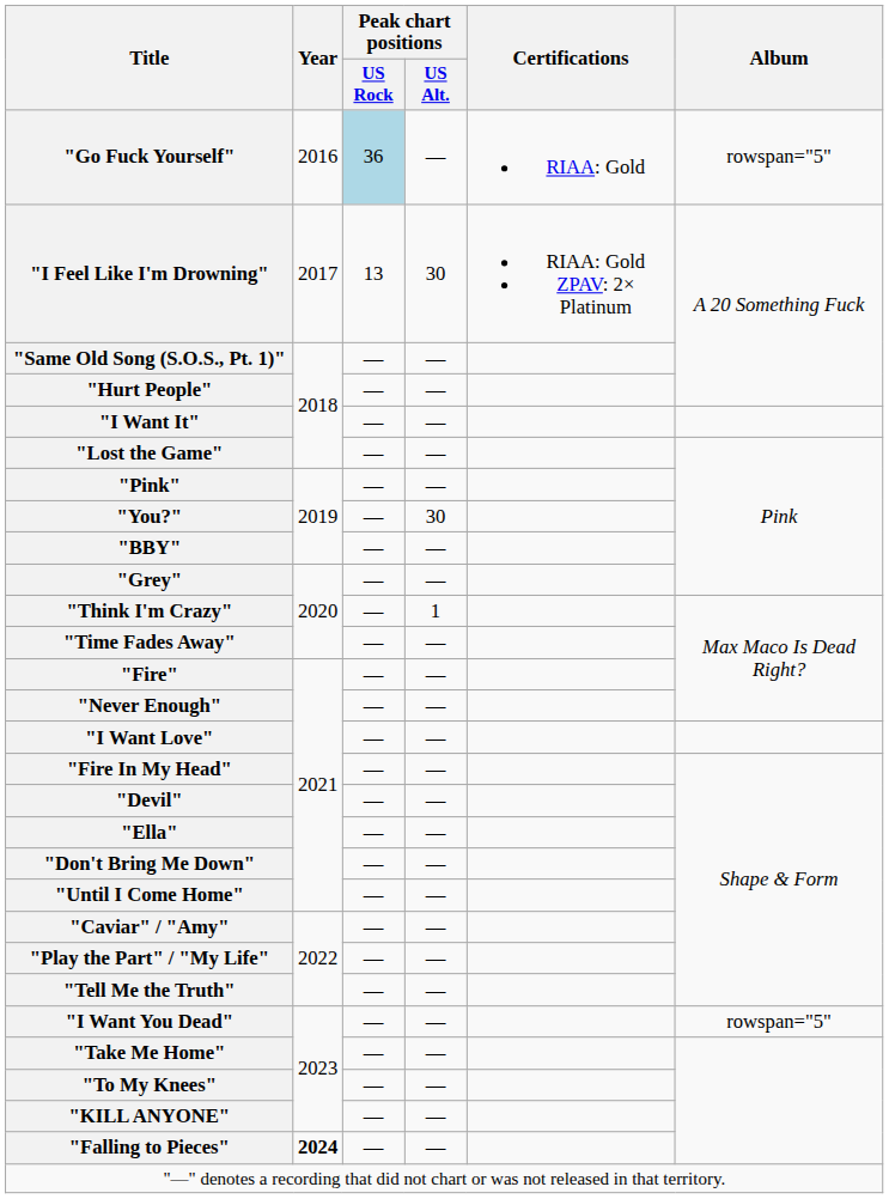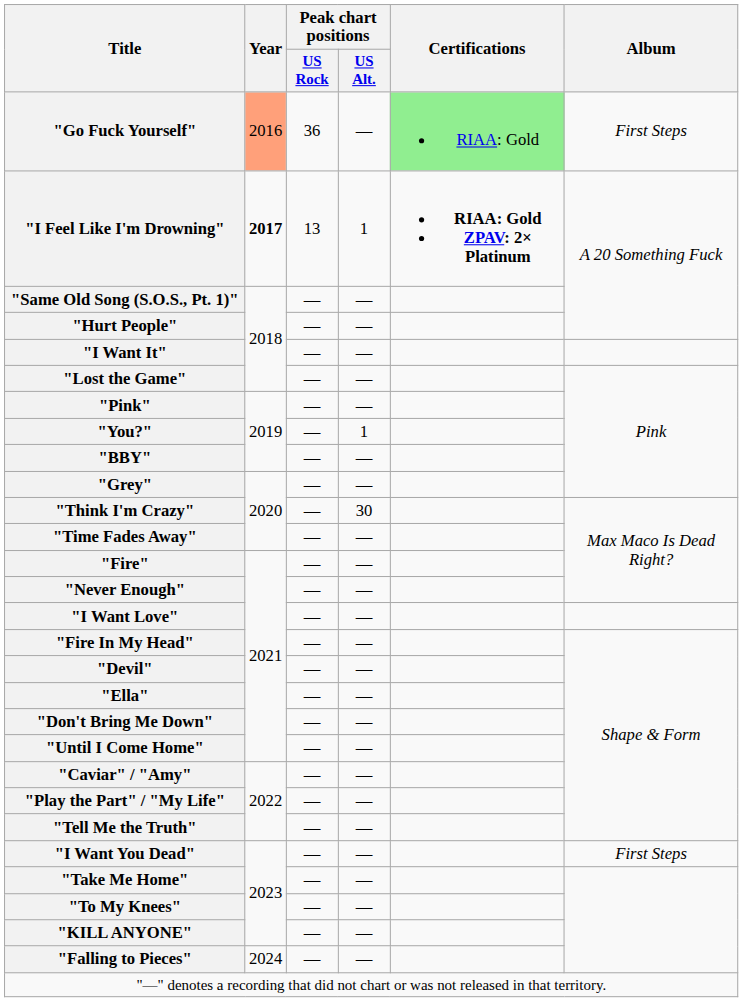 <table class="wikitable plainrowheaders" style="text-align:center;">
 <tr>
 <th scope="col" rowspan="2" style="width:14em;">Title</th>
 <th scope="col" rowspan="2" style="width:1em;">Year</th>
 <th scope="col" colspan="2">Peak chart positions</th>
 <th rowspan="2" scope="col" style="width:10em;">Certifications</th>
 <th scope="col" rowspan="2" style="width:10em;">Album</th>
 </tr>
 <tr>
 <th scope="col" style="width:3em;font-size:90%;"><a href='#'>US<br>Rock</a><br></th>
 <th scope="col" style="width:3em;font-size:90%;"><a href='#'>US<br>Alt.</a><br></th>
 </tr>
 <tr>
 <th scope="row">"Go Fuck Yourself"</th>
-<td>2016</td>
-<td style="background: lightblue;">36<br></td>
+<td style="background: lightsalmon;">2016</td>
+<td>36<br></td>
 <td>—</td>
-<td><br><ul><li><a href='#'>RIAA</a>: Gold</li></ul></td>
-<td>rowspan="5" </td>
+<td style="background: lightgreen;"><br><ul><li><a href='#'>RIAA</a>: Gold</li></ul></td>
+<td><em>First Steps</em></td>
 </tr>
 <tr>
 <th scope="row">"I Feel Like I'm Drowning"</th>
-<td>2017</td>
+<td><strong>2017</strong></td>
 <td>13<br></td>
-<td>30</td>
-<td><br><ul><li>RIAA: Gold</li><li><a href='#'>ZPAV</a>: 2× Platinum</li></ul></td>
+<td>1<br></td>
+<td><strong><br><ul><li>RIAA: Gold</li><li><a href='#'>ZPAV</a>: 2× Platinum</li></ul></strong></td>
 <td rowspan="3"><em>A 20 Something Fuck</em></td>
 </tr>
 <tr>
 <th scope="row">"Same Old Song (S.O.S., Pt. 1)"</th>
 <td rowspan="4">2018</td>
 <td>—</td>
 <td>—</td>
 <td></td>
 </tr>
 <tr>
 <th scope="row">"Hurt People"</th>
 <td>—</td>
 <td>—</td>
 <td></td>
 </tr>
 <tr>
 <th scope="row">"I Want It"</th>
 <td>—</td>
 <td>—</td>
 <td></td>
 <td></td>
 </tr>
 <tr>
 <th scope="row">"Lost the Game"</th>
 <td>—</td>
 <td>—</td>
 <td></td>
 <td rowspan="5"><em>Pink</em></td>
 </tr>
 <tr>
 <th scope="row">"Pink"</th>
 <td rowspan="3">2019</td>
 <td>—</td>
 <td>—</td>
 <td></td>
 </tr>
 <tr>
 <th scope="row">"You?"</th>
 <td>—</td>
-<td>30</td>
+<td>1<br></td>
 <td></td>
 </tr>
 <tr>
 <th scope="row">"BBY"</th>
 <td>—</td>
 <td>—</td>
 <td></td>
 </tr>
 <tr>
 <th scope="row">"Grey"</th>
 <td rowspan="3">2020</td>
 <td>—</td>
 <td>—</td>
 <td></td>
 </tr>
 <tr>
 <th scope="row">"Think I'm Crazy"</th>
 <td>—</td>
-<td>1<br></td>
+<td>30</td>
 <td></td>
 <td rowspan="4"><em>Max Maco Is Dead Right?</em></td>
 </tr>
 <tr>
 <th scope="row">"Time Fades Away"</th>
 <td>—</td>
 <td>—</td>
 <td></td>
 </tr>
 <tr>
 <th scope="row">"Fire"</th>
 <td rowspan="8">2021</td>
 <td>—</td>
 <td>—</td>
 <td></td>
 </tr>
 <tr>
 <th scope="row">"Never Enough"</th>
 <td>—</td>
 <td>—</td>
 <td></td>
 </tr>
 <tr>
 <th scope="row">"I Want Love" <br></th>
 <td>—</td>
 <td>—</td>
 <td></td>
 <td></td>
 </tr>
 <tr>
 <th scope="row">"Fire In My Head"</th>
 <td>—</td>
 <td>—</td>
 <td></td>
 <td rowspan="8"><em>Shape & Form</em></td>
 </tr>
 <tr>
 <th scope="row">"Devil"</th>
 <td>—</td>
 <td>—</td>
 <td></td>
 </tr>
 <tr>
 <th scope="row">"Ella"</th>
 <td>—</td>
 <td>—</td>
 <td></td>
 </tr>
 <tr>
 <th scope="row">"Don't Bring Me Down"</th>
 <td>—</td>
 <td>—</td>
 <td></td>
 </tr>
 <tr>
 <th scope="row">"Until I Come Home" <br></th>
 <td>—</td>
 <td>—</td>
 <td></td>
 </tr>
 <tr>
 <th scope="row">"Caviar" / "Amy"</th>
 <td rowspan="3">2022</td>
 <td>—</td>
 <td>—</td>
 <td></td>
 </tr>
 <tr>
 <th scope="row">"Play the Part" / "My Life"</th>
 <td>—</td>
 <td>—</td>
 <td></td>
 </tr>
 <tr>
 <th scope="row">"Tell Me the Truth"</th>
 <td>—</td>
 <td>—</td>
 <td></td>
 </tr>
 <tr>
 <th scope="row">"I Want You Dead"<br></th>
 <td rowspan="4">2023</td>
 <td>—</td>
 <td>—</td>
 <td></td>
-<td>rowspan="5" </td>
+<td><em>First Steps</em></td>
 </tr>
 <tr>
 <th scope="row">"Take Me Home"<br></th>
 <td>—</td>
 <td>—</td>
 <td></td>
 </tr>
 <tr>
 <th scope="row">"To My Knees"</th>
 <td>—</td>
 <td>—</td>
 <td></td>
 </tr>
 <tr>
 <th scope="row">"KILL ANYONE"<br></th>
 <td>—</td>
 <td>—</td>
 <td></td>
 </tr>
 <tr>
 <th scope="row">"Falling to Pieces"</th>
-<td><strong>2024</strong></td>
+<td>2024</td>
 <td>—</td>
 <td>—</td>
 <td></td>
 </tr>
 <tr>
 <td colspan="6" style="font-size:90%">"—" denotes a recording that did not chart or was not released in that territory.</td>
 </tr>
 </table>
